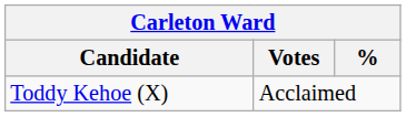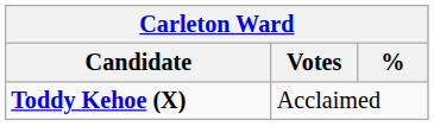 <table class="wikitable">
 <tr>
 <th colspan="3"><a href='#'>Carleton Ward</a></th>
 </tr>
 <tr>
 <th style="width: 170px">Candidate</th>
 <th style="width: 50px">Votes</th>
 <th style="width: 40px">%</th>
 </tr>
 <tr>
-<td><a href='#'>Toddy Kehoe</a> (X)</td>
+<td><strong><a href='#'>Toddy Kehoe</a> (X)</strong></td>
 <td colspan="2">Acclaimed</td>
 </tr>
 </table>
